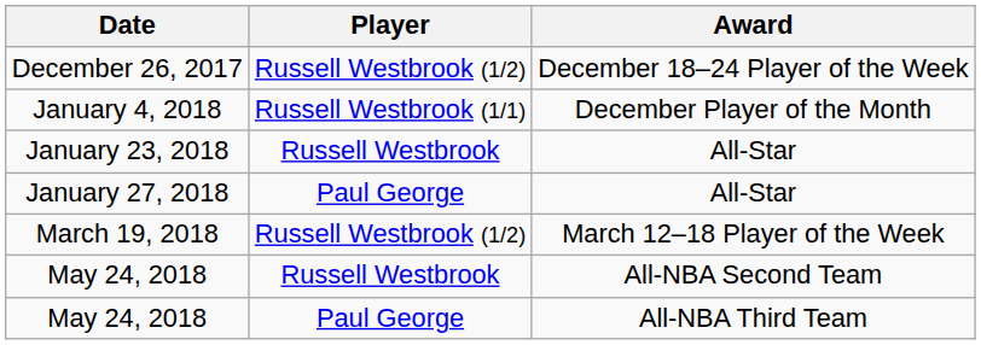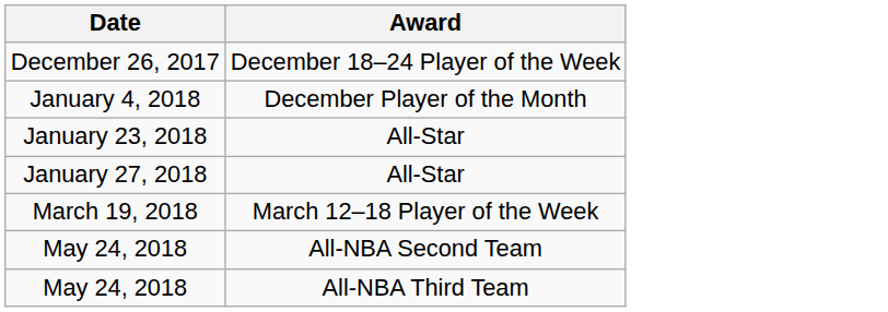 <table class="wikitable sortable sortable" style="text-align: center">
 <tr>
 <th>Date</th>
-<th>Player</th>
 <th>Award</th>
 </tr>
 <tr style="text-align: center">
 <td>December 26, 2017</td>
-<td><a href='#'>Russell Westbrook</a> <small>(1/2)</small></td>
 <td>December 18–24 Player of the Week</td>
 </tr>
 <tr style="text-align: center">
 <td>January 4, 2018</td>
-<td><a href='#'>Russell Westbrook</a> <small>(1/1)</small></td>
 <td>December Player of the Month</td>
 </tr>
 <tr style="text-align: center">
 <td>January 23, 2018</td>
-<td><a href='#'>Russell Westbrook</a></td>
 <td>All-Star</td>
 </tr>
 <tr style="text-align: center">
 <td>January 27, 2018</td>
-<td><a href='#'>Paul George</a></td>
 <td>All-Star</td>
 </tr>
 <tr style="text-align: center">
 <td>March 19, 2018</td>
-<td><a href='#'>Russell Westbrook</a> <small>(1/2)</small></td>
 <td>March 12–18 Player of the Week</td>
 </tr>
 <tr style="text-align: center">
 <td>May 24, 2018</td>
-<td><a href='#'>Russell Westbrook</a></td>
 <td>All-NBA Second Team</td>
 </tr>
 <tr style="text-align: center">
 <td>May 24, 2018</td>
-<td><a href='#'>Paul George</a></td>
 <td>All-NBA Third Team</td>
 </tr>
 </table>
